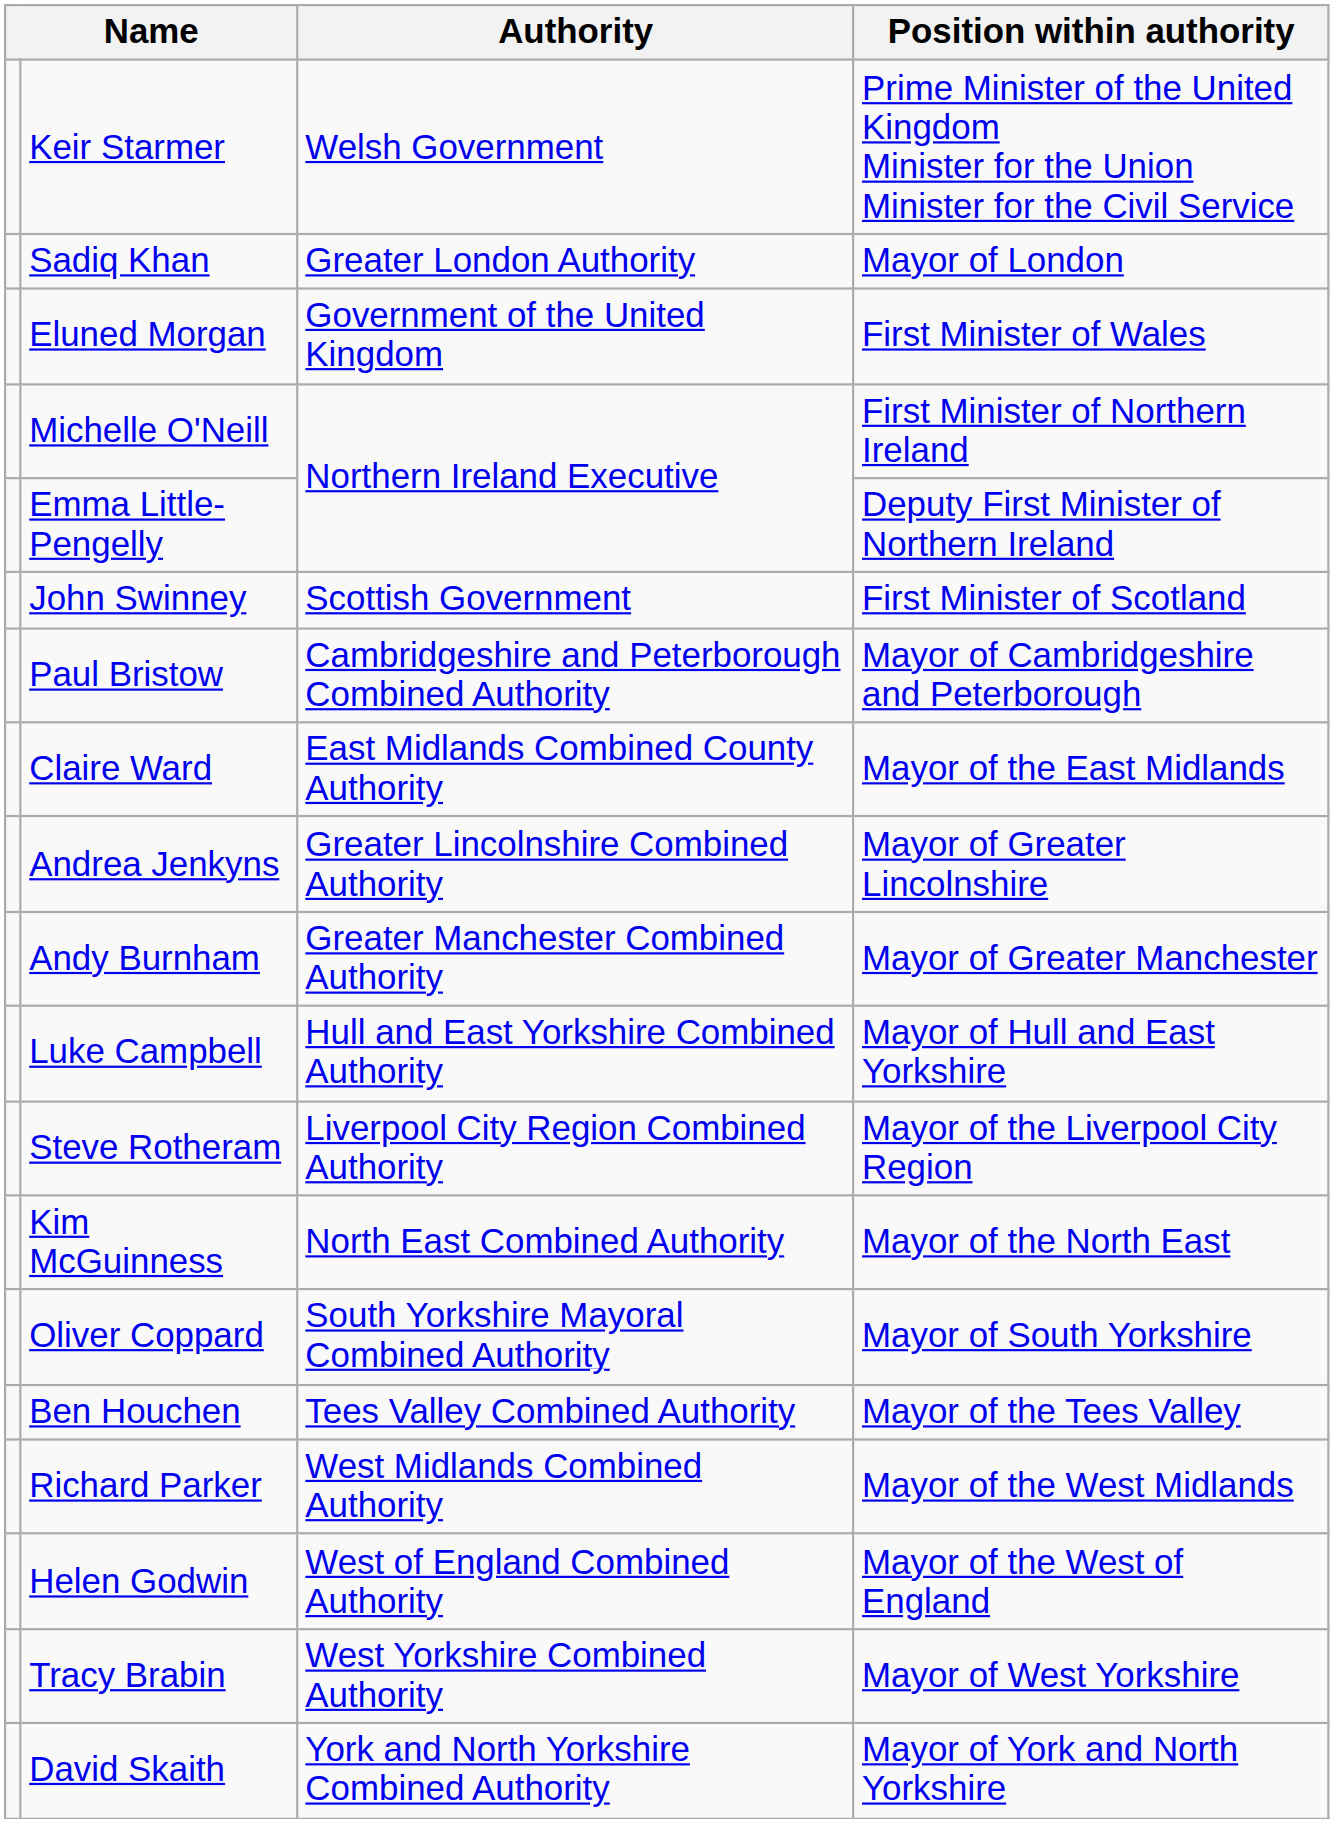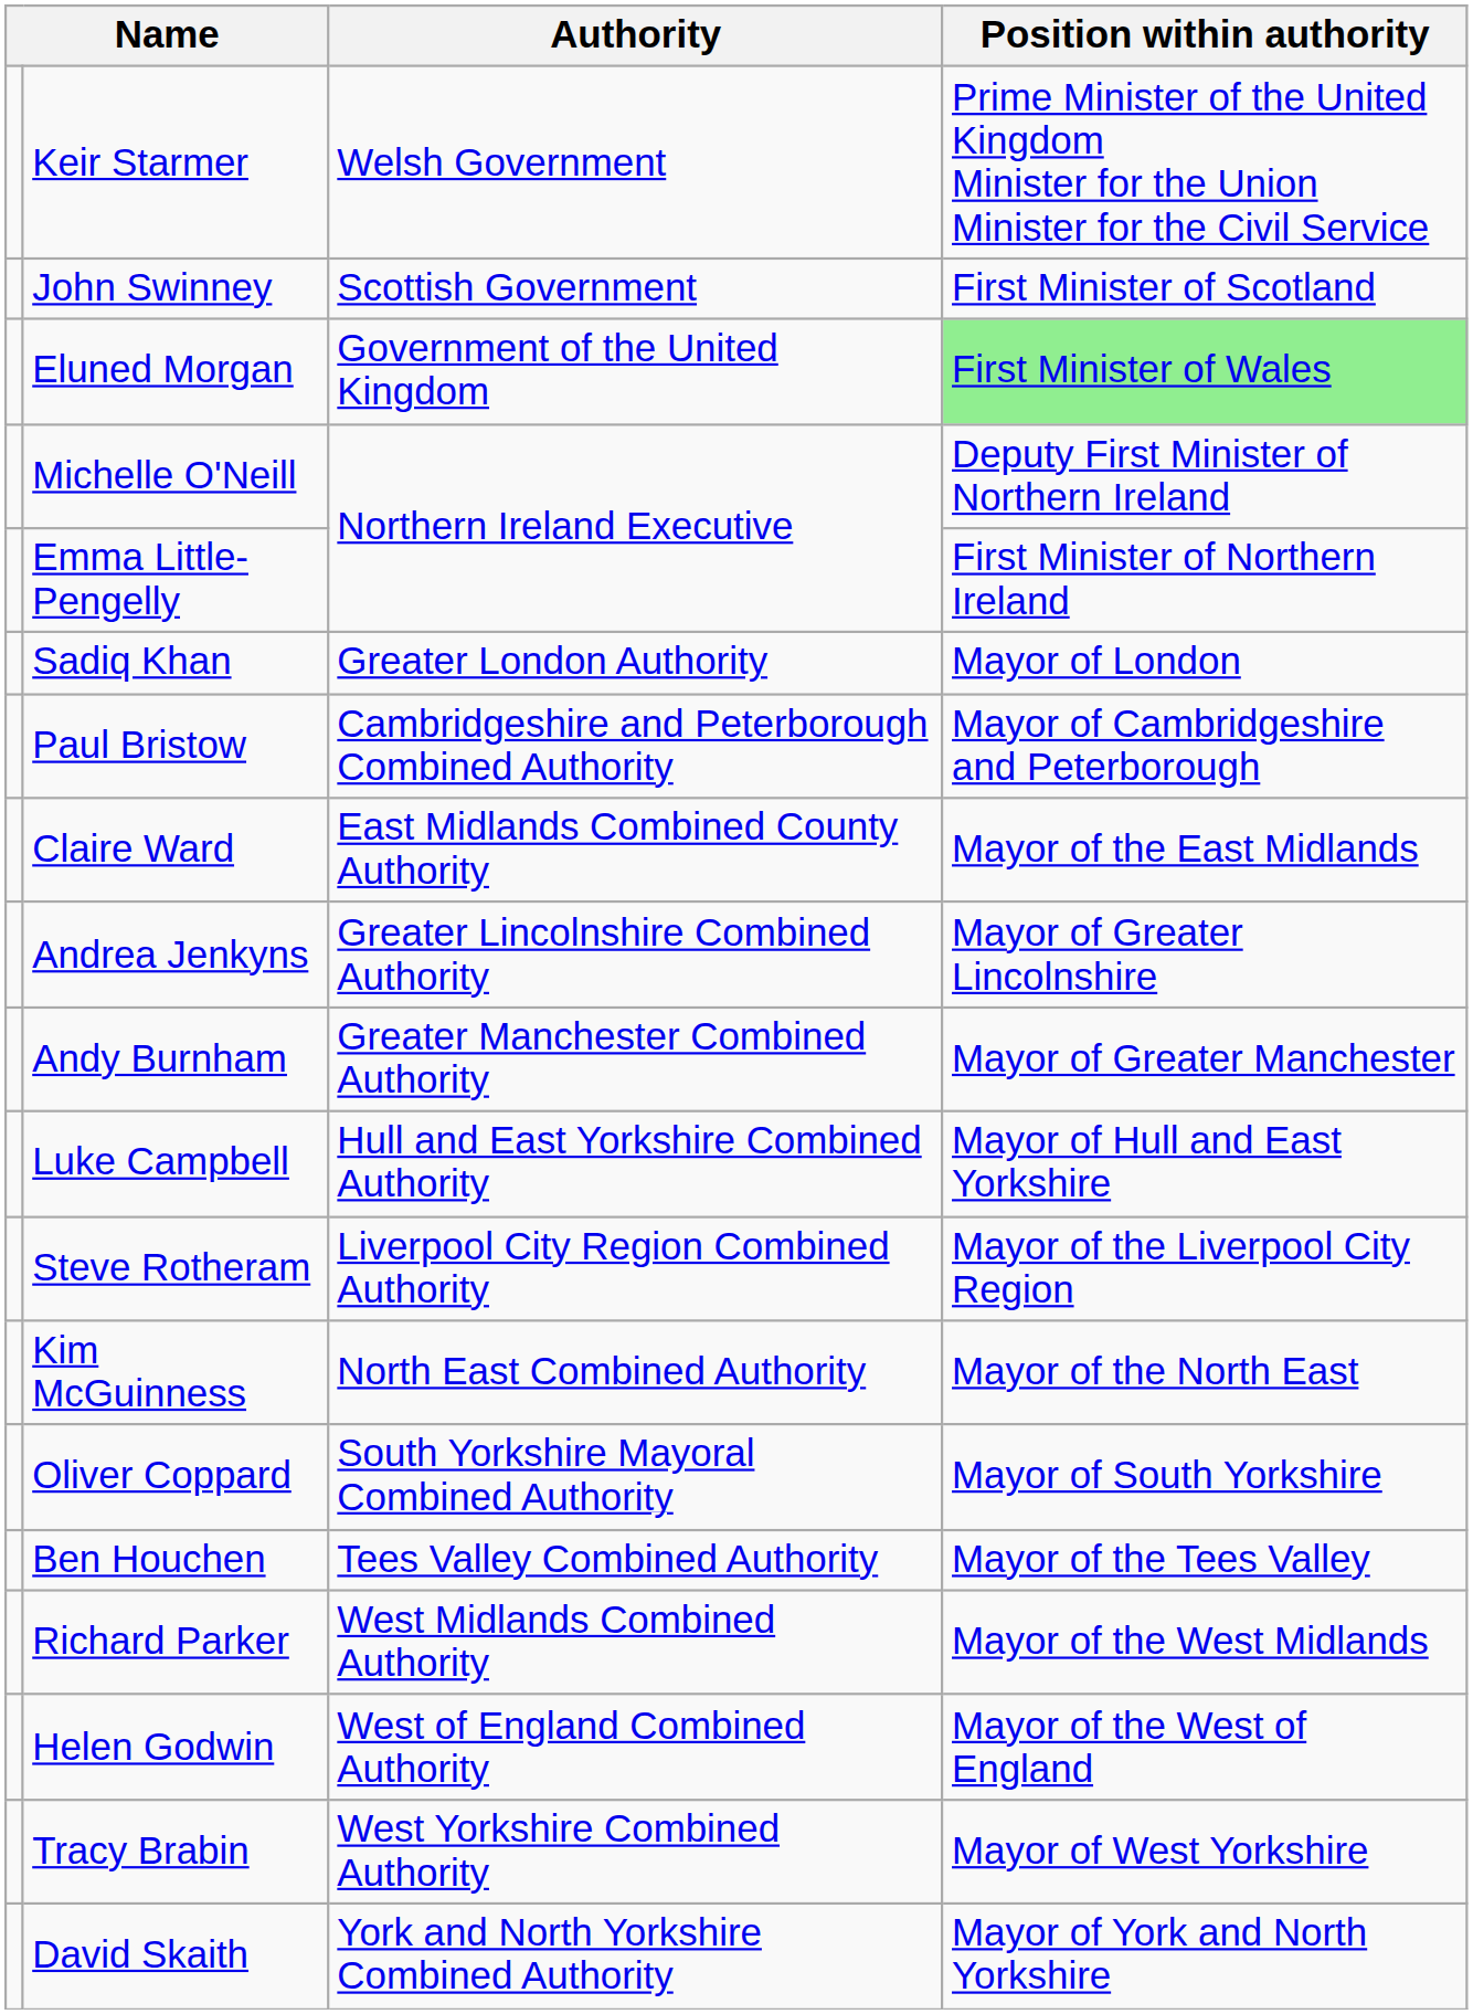 <table class="wikitable sortable">
 <tr>
 <th colspan="2">Name</th>
 <th>Authority</th>
 <th>Position within authority</th>
 </tr>
 <tr>
 <td style="color:inherit;background:"></td>
 <td><a href='#'>Keir Starmer</a></td>
 <td><a href='#'>Welsh Government</a></td>
 <td><a href='#'>Prime Minister of the United Kingdom</a><br><a href='#'>Minister for the Union</a><br><a href='#'>Minister for the Civil Service</a></td>
 </tr>
 <tr>
 <td style="color:inherit;background:"></td>
-<td><a href='#'>Sadiq Khan</a></td>
-<td><a href='#'>Greater London Authority</a></td>
-<td><a href='#'>Mayor of London</a></td>
+<td><a href='#'>John Swinney</a></td>
+<td><a href='#'>Scottish Government</a></td>
+<td><a href='#'>First Minister of Scotland</a></td>
 </tr>
 <tr>
 <td style="color:inherit;background:"></td>
 <td><a href='#'>Eluned Morgan</a></td>
 <td><a href='#'>Government of the United Kingdom</a></td>
-<td><a href='#'>First Minister of Wales</a></td>
+<td style="background: lightgreen;"><a href='#'>First Minister of Wales</a></td>
 </tr>
 <tr>
 <td style="color:inherit;background:"></td>
 <td><a href='#'>Michelle O'Neill</a></td>
 <td rowspan="2"><a href='#'>Northern Ireland Executive</a></td>
+<td><a href='#'>Deputy First Minister of Northern Ireland</a></td>
+</tr>
+<tr>
+<td style="color:inherit;background:"></td>
+<td><a href='#'>Emma Little-Pengelly</a></td>
 <td><a href='#'>First Minister of Northern Ireland</a></td>
 </tr>
 <tr>
 <td style="color:inherit;background:"></td>
-<td><a href='#'>Emma Little-Pengelly</a></td>
-<td><a href='#'>Deputy First Minister of Northern Ireland</a></td>
-</tr>
-<tr>
-<td style="color:inherit;background:"></td>
-<td><a href='#'>John Swinney</a></td>
-<td><a href='#'>Scottish Government</a></td>
-<td><a href='#'>First Minister of Scotland</a></td>
+<td><a href='#'>Sadiq Khan</a></td>
+<td><a href='#'>Greater London Authority</a></td>
+<td><a href='#'>Mayor of London</a></td>
 </tr>
 <tr>
 <td style="color:inherit;background:"></td>
 <td><a href='#'>Paul Bristow</a></td>
 <td><a href='#'>Cambridgeshire and Peterborough Combined Authority</a></td>
 <td><a href='#'>Mayor of Cambridgeshire and Peterborough</a></td>
 </tr>
 <tr>
 <td style="color:inherit;background:"></td>
 <td><a href='#'>Claire Ward</a></td>
 <td><a href='#'>East Midlands Combined County Authority</a></td>
 <td><a href='#'>Mayor of the East Midlands</a></td>
 </tr>
 <tr>
 <td style="color:inherit;background:"></td>
 <td><a href='#'>Andrea Jenkyns</a></td>
 <td><a href='#'>Greater Lincolnshire Combined Authority</a></td>
 <td><a href='#'>Mayor of Greater Lincolnshire</a></td>
 </tr>
 <tr>
 <td style="color:inherit;background:"></td>
 <td><a href='#'>Andy Burnham</a></td>
 <td><a href='#'>Greater Manchester Combined Authority</a></td>
 <td><a href='#'>Mayor of Greater Manchester</a></td>
 </tr>
 <tr>
 <td style="color:inherit;background:"></td>
 <td><a href='#'>Luke Campbell</a></td>
 <td><a href='#'>Hull and East Yorkshire Combined Authority</a></td>
 <td><a href='#'>Mayor of Hull and East Yorkshire</a></td>
 </tr>
 <tr>
 <td style="color:inherit;background:"></td>
 <td><a href='#'>Steve Rotheram</a></td>
 <td><a href='#'>Liverpool City Region Combined Authority</a></td>
 <td><a href='#'>Mayor of the Liverpool City Region</a></td>
 </tr>
 <tr>
 <td style="color:inherit;background:"></td>
 <td><a href='#'>Kim McGuinness</a></td>
 <td><a href='#'>North East Combined Authority</a></td>
 <td><a href='#'>Mayor of the North East</a></td>
 </tr>
 <tr>
 <td style="color:inherit;background:"></td>
 <td><a href='#'>Oliver Coppard</a></td>
 <td><a href='#'>South Yorkshire Mayoral Combined Authority</a></td>
 <td><a href='#'>Mayor of South Yorkshire</a></td>
 </tr>
 <tr>
 <td style="color:inherit;background:"></td>
 <td><a href='#'>Ben Houchen</a></td>
 <td><a href='#'>Tees Valley Combined Authority</a></td>
 <td><a href='#'>Mayor of the Tees Valley</a></td>
 </tr>
 <tr>
 <td style="color:inherit;background:"></td>
 <td><a href='#'>Richard Parker</a></td>
 <td><a href='#'>West Midlands Combined Authority</a></td>
 <td><a href='#'>Mayor of the West Midlands</a></td>
 </tr>
 <tr>
 <td style="color:inherit;background:"></td>
 <td><a href='#'>Helen Godwin</a></td>
 <td><a href='#'>West of England Combined Authority</a></td>
 <td><a href='#'>Mayor of the West of England</a></td>
 </tr>
 <tr>
 <td style="color:inherit;background:"></td>
 <td><a href='#'>Tracy Brabin</a></td>
 <td><a href='#'>West Yorkshire Combined Authority</a></td>
 <td><a href='#'>Mayor of West Yorkshire</a></td>
 </tr>
 <tr>
 <td style="color:inherit;background:"></td>
 <td><a href='#'>David Skaith</a></td>
 <td><a href='#'>York and North Yorkshire Combined Authority</a></td>
 <td><a href='#'>Mayor of York and North Yorkshire</a></td>
 </tr>
 </table>
